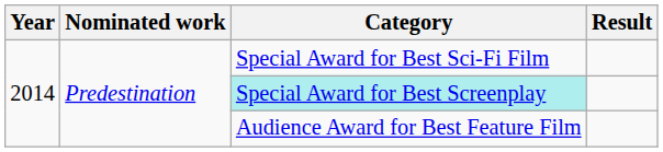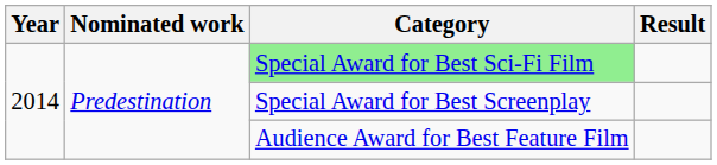 <table class="wikitable">
 <tr>
 <th>Year</th>
 <th>Nominated work</th>
 <th>Category</th>
 <th>Result</th>
 </tr>
 <tr>
 <td rowspan="3">2014</td>
 <td rowspan="3"><em><a href='#'>Predestination</a></em></td>
-<td><a href='#'>Special Award for Best Sci-Fi Film</a></td>
+<td style="background: lightgreen;"><a href='#'>Special Award for Best Sci-Fi Film</a></td>
 <td></td>
 </tr>
 <tr>
-<td style="background: paleturquoise;"><a href='#'>Special Award for Best Screenplay</a></td>
+<td><a href='#'>Special Award for Best Screenplay</a></td>
 <td></td>
 </tr>
 <tr>
 <td><a href='#'>Audience Award for Best Feature Film</a></td>
 <td></td>
 </tr>
 </table>
